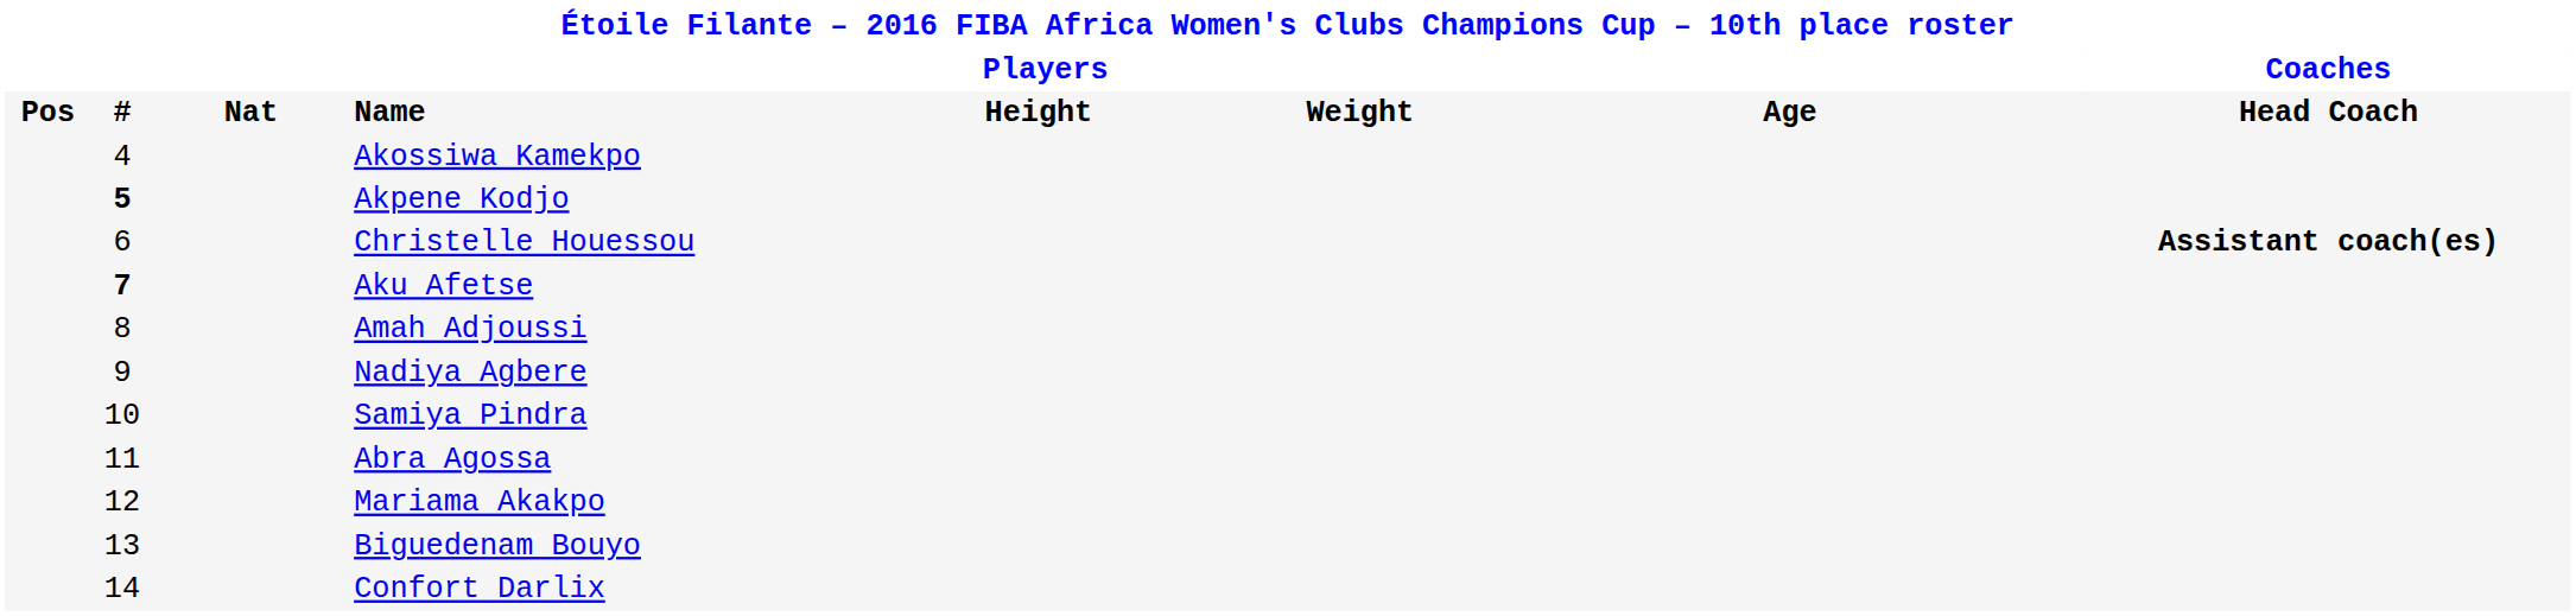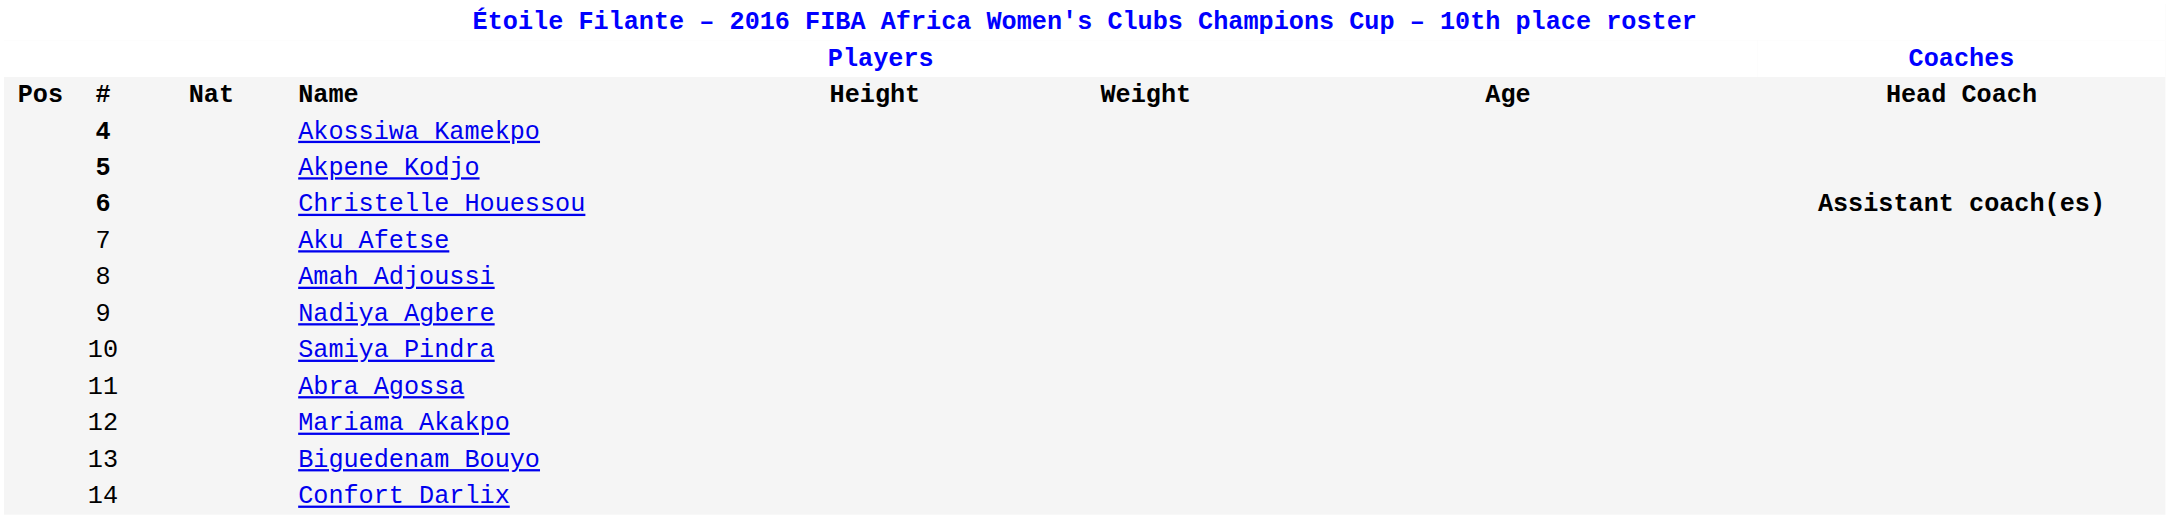 <table border=0 cellpadding=2 cellspacing=0  |- bgcolor=#f5f5f5 style="text-align:center; font-size:85%;" width=75%>
 <tr>
 <td colspan="8" style="background: white; color: blue"><strong>Étoile Filante – 2016 FIBA Africa Women's Clubs Champions Cup – 10th place roster</strong></td>
 </tr>
 <tr>
 <td colspan="7" style="background: white; color: blue"><strong>Players</strong></td>
 <td style="background: white; color: blue"><strong>Coaches</strong></td>
 </tr>
 <tr style="background=#f5f5f5; color: black">
 <th width=5px>Pos</th>
 <th width=5px>#</th>
 <th width=50px>Nat</th>
 <th width=135px align=left>Name</th>
 <th width=100px>Height</th>
 <th width=70px>Weight</th>
 <th width=160px>Age</th>
 <th width=130px>Head Coach</th>
 </tr>
 <tr>
 <td></td>
-<td>4</td>
+<td><strong>4</strong></td>
 <td></td>
 <td align=left><a href='#'>Akossiwa Kamekpo</a></td>
 <td></td>
 <td></td>
 <td><span></span></td>
 <td></td>
 </tr>
 <tr>
 <td></td>
 <td><strong>5</strong></td>
 <td></td>
 <td align=left><a href='#'>Akpene Kodjo</a></td>
 <td></td>
 <td></td>
 <td><span></span></td>
 </tr>
 <tr>
 <td></td>
-<td>6</td>
+<td><strong>6</strong></td>
 <td></td>
 <td align=left><a href='#'>Christelle Houessou</a></td>
 <td></td>
 <td></td>
 <td><span></span></td>
 <td><strong>Assistant coach(es)</strong></td>
 </tr>
 <tr>
 <td></td>
-<td><strong>7</strong></td>
+<td>7</td>
 <td></td>
 <td align=left><a href='#'>Aku Afetse</a></td>
 <td></td>
 <td></td>
 <td><span></span></td>
 <td></td>
 </tr>
 <tr>
 <td></td>
 <td>8</td>
 <td></td>
 <td align=left><a href='#'>Amah Adjoussi</a></td>
 <td></td>
 <td></td>
 <td><span></span></td>
 </tr>
 <tr>
 <td></td>
 <td>9</td>
 <td></td>
 <td align=left><a href='#'>Nadiya Agbere</a></td>
 <td></td>
 <td></td>
 <td><span></span></td>
 </tr>
 <tr>
 <td></td>
 <td>10</td>
 <td></td>
 <td align=left><a href='#'>Samiya Pindra</a></td>
 <td></td>
 <td></td>
 <td><span></span></td>
 </tr>
 <tr>
 <td></td>
 <td>11</td>
 <td></td>
 <td align=left><a href='#'>Abra Agossa</a></td>
 <td></td>
 <td></td>
 <td><span></span></td>
 </tr>
 <tr>
 <td></td>
 <td>12</td>
 <td></td>
 <td align=left><a href='#'>Mariama Akakpo</a></td>
 <td></td>
 <td></td>
 <td><span></span></td>
 </tr>
 <tr>
 <td></td>
 <td>13</td>
 <td></td>
 <td align=left><a href='#'>Biguedenam Bouyo</a></td>
 <td></td>
 <td></td>
 <td><span></span></td>
 </tr>
 <tr>
 <td></td>
 <td>14</td>
 <td></td>
 <td align=left><a href='#'>Confort Darlix</a></td>
 <td></td>
 <td></td>
 <td><span></span></td>
 </tr>
 </table>
